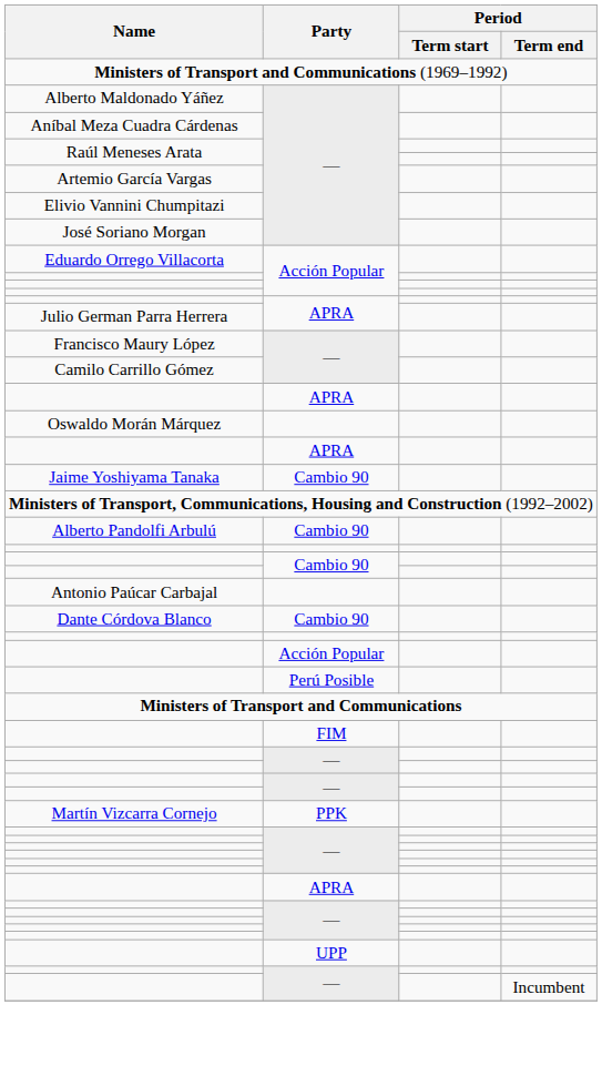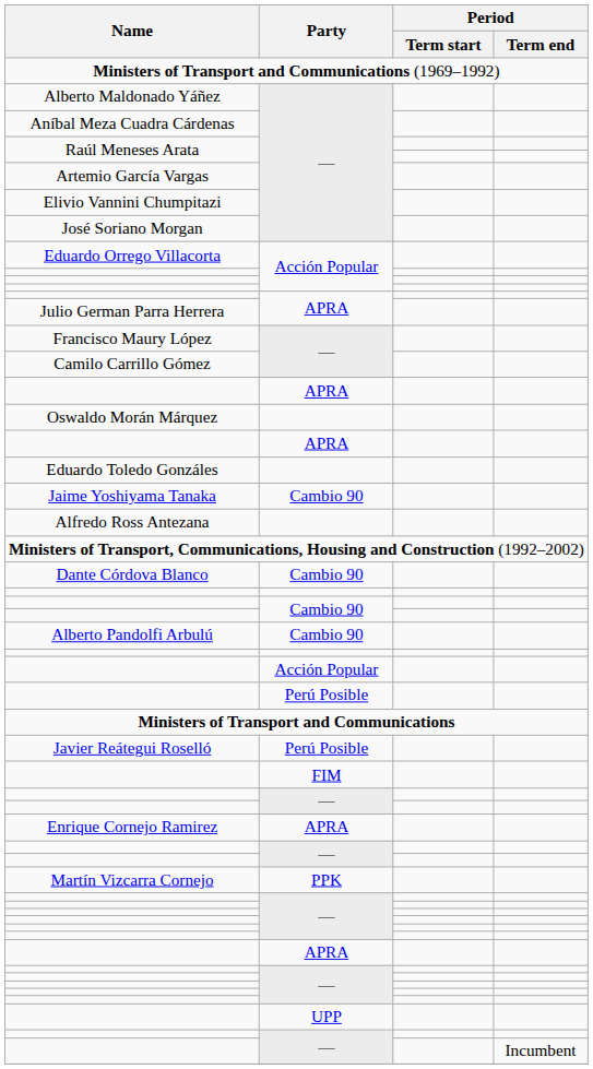 <table class="wikitable" style="text-align: center">
 <tr>
 <th rowspan=2><strong>Name</strong></th>
 <th rowspan=2><strong>Party</strong></th>
 <th colspan=2><strong>Period</strong></th>
 </tr>
 <tr>
 <th>Term start</th>
 <th>Term end</th>
 </tr>
 <tr>
 <td colspan=4><div><strong>Ministers of Transport and Communications</strong> (1969–1992)</div></td>
 </tr>
 <tr>
 <td>Alberto Maldonado Yáñez</td>
 <td rowspan=7; style="background: var(--background-color-interactive, #ececec)">—</td>
 <td></td>
 <td></td>
 </tr>
 <tr>
 <td>Aníbal Meza Cuadra Cárdenas</td>
 <td></td>
 <td></td>
 </tr>
 <tr>
 <td rowspan="2">Raúl Meneses Arata</td>
 <td></td>
 <td></td>
 </tr>
 <tr>
 <td></td>
 <td></td>
 </tr>
 <tr>
 <td>Artemio García Vargas</td>
 <td></td>
 <td></td>
 </tr>
 <tr>
 <td>Elivio Vannini Chumpitazi</td>
 <td></td>
 <td></td>
 </tr>
 <tr>
 <td>José Soriano Morgan</td>
 <td></td>
 <td></td>
 </tr>
 <tr>
 <td><a href='#'>Eduardo Orrego Villacorta</a></td>
 <td rowspan="4"><a href='#'>Acción Popular</a></td>
 <td></td>
 <td></td>
 </tr>
 <tr>
 <td></td>
 <td></td>
 <td></td>
 </tr>
 <tr>
 <td></td>
 <td></td>
 <td></td>
 </tr>
 <tr>
 <td></td>
 <td></td>
 <td></td>
 </tr>
 <tr>
 <td></td>
 <td rowspan="2"><a href='#'>APRA</a></td>
 <td></td>
 <td></td>
 </tr>
 <tr>
 <td>Julio German Parra Herrera</td>
 <td></td>
 <td></td>
 </tr>
 <tr>
 <td>Francisco Maury López</td>
 <td rowspan=2; style="background: var(--background-color-interactive, #ececec)">—</td>
 <td></td>
 <td></td>
 </tr>
 <tr>
 <td>Camilo Carrillo Gómez</td>
 <td></td>
 <td></td>
 </tr>
 <tr>
 <td></td>
 <td><a href='#'>APRA</a></td>
 <td></td>
 <td></td>
 </tr>
 <tr>
 <td>Oswaldo Morán Márquez</td>
 <td></td>
 <td></td>
 <td></td>
 </tr>
 <tr>
 <td></td>
 <td><a href='#'>APRA</a></td>
 <td></td>
 <td></td>
 </tr>
 <tr>
+<td>Eduardo Toledo Gonzáles</td>
+<td></td>
+<td></td>
+<td></td>
+</tr>
+<tr>
 <td><a href='#'>Jaime Yoshiyama Tanaka</a></td>
 <td><a href='#'>Cambio 90</a></td>
+<td></td>
+<td></td>
+</tr>
+<tr>
+<td>Alfredo Ross Antezana</td>
+<td></td>
 <td></td>
 <td></td>
 </tr>
 <tr>
 <td colspan=4><div><strong>Ministers of Transport, Communications, Housing and Construction</strong> (1992–2002)</div></td>
 </tr>
 <tr>
-<td><a href='#'>Alberto Pandolfi Arbulú</a></td>
+<td><a href='#'>Dante Córdova Blanco</a></td>
 <td><a href='#'>Cambio 90</a></td>
 <td></td>
 <td></td>
 </tr>
 <tr>
 <td></td>
 <td></td>
 <td></td>
 <td></td>
 </tr>
 <tr>
 <td></td>
 <td rowspan="2"><a href='#'>Cambio 90</a></td>
 <td></td>
 <td></td>
 </tr>
 <tr>
 <td></td>
 <td></td>
 <td></td>
 </tr>
 <tr>
-<td>Antonio Paúcar Carbajal</td>
-<td></td>
-<td></td>
-<td></td>
-</tr>
-<tr>
-<td><a href='#'>Dante Córdova Blanco</a></td>
+<td><a href='#'>Alberto Pandolfi Arbulú</a></td>
 <td><a href='#'>Cambio 90</a></td>
 <td></td>
 <td></td>
 </tr>
 <tr>
 <td></td>
 <td></td>
 <td></td>
 <td></td>
 </tr>
 <tr>
 <td></td>
 <td><a href='#'>Acción Popular</a></td>
 <td></td>
 <td></td>
 </tr>
 <tr>
 <td></td>
 <td><a href='#'>Perú Posible</a></td>
 <td></td>
 <td></td>
 </tr>
 <tr>
 <td colspan=4><div><strong>Ministers of Transport and Communications</strong></div></td>
 </tr>
 <tr>
+<td><a href='#'>Javier Reátegui Roselló</a></td>
+<td><a href='#'>Perú Posible</a></td>
+<td></td>
+<td></td>
+</tr>
+<tr>
 <td></td>
 <td><a href='#'>FIM</a></td>
 <td></td>
 <td></td>
 </tr>
 <tr>
 <td></td>
 <td rowspan=2; style="background: var(--background-color-interactive, #ececec)">—</td>
 <td></td>
 <td></td>
 </tr>
 <tr>
 <td></td>
+<td></td>
+<td></td>
+</tr>
+<tr>
+<td><a href='#'>Enrique Cornejo Ramirez</a></td>
+<td><a href='#'>APRA</a></td>
 <td></td>
 <td></td>
 </tr>
 <tr>
 <td></td>
 <td rowspan=2; style="background: var(--background-color-interactive, #ececec)">—</td>
 <td></td>
 <td></td>
 </tr>
 <tr>
 <td></td>
 <td></td>
 <td></td>
 </tr>
 <tr>
 <td><a href='#'>Martín Vizcarra Cornejo</a></td>
 <td><a href='#'>PPK</a></td>
 <td></td>
 <td></td>
 </tr>
 <tr>
 <td></td>
 <td rowspan=6; style="background: var(--background-color-interactive, #ececec)">—</td>
 <td></td>
 <td></td>
 </tr>
 <tr>
 <td></td>
 <td></td>
 <td></td>
 </tr>
 <tr>
 <td></td>
 <td></td>
 <td></td>
 </tr>
 <tr>
 <td></td>
 <td></td>
 <td></td>
 </tr>
 <tr>
 <td></td>
 <td></td>
 <td></td>
 </tr>
 <tr>
 <td></td>
 <td></td>
 <td></td>
 </tr>
 <tr>
 <td></td>
 <td><a href='#'>APRA</a></td>
 <td></td>
 <td></td>
 </tr>
 <tr>
 <td></td>
 <td rowspan=5; style="background: var(--background-color-interactive, #ececec)">—</td>
 <td></td>
 <td></td>
 </tr>
 <tr>
 <td></td>
 <td></td>
 <td></td>
 </tr>
 <tr>
 <td></td>
 <td></td>
 <td></td>
 </tr>
 <tr>
 <td></td>
 <td></td>
 <td></td>
 </tr>
 <tr>
 <td></td>
 <td></td>
 <td></td>
 </tr>
 <tr>
 <td></td>
 <td><a href='#'>UPP</a></td>
 <td></td>
 <td></td>
 </tr>
 <tr>
 <td></td>
 <td rowspan=2; style="background: var(--background-color-interactive, #ececec)">—</td>
 <td></td>
 <td></td>
 </tr>
 <tr>
 <td></td>
 <td></td>
 <td>Incumbent</td>
 </tr>
 <tr>
 </tr>
 </table>
